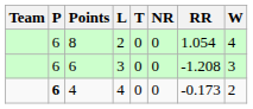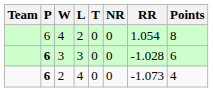 <table class="wikitable">
 <tr>
 <th>Team</th>
 <th>P</th>
-<th>Points</th>
+<th>W</th>
 <th>L</th>
 <th>T</th>
 <th>NR</th>
 <th>RR</th>
-<th>W</th>
+<th>Points</th>
 </tr>
 <tr style="background:#cfc;">
 <td align=left></td>
 <td>6</td>
-<td>8</td>
+<td>4</td>
 <td>2</td>
 <td>0</td>
 <td>0</td>
 <td>1.054</td>
-<td>4</td>
+<td>8</td>
 </tr>
 <tr style="background:#cfc;">
 <td align=left></td>
-<td>6</td>
-<td>6</td>
+<td><strong>6</strong></td>
+<td>3</td>
 <td>3</td>
 <td>0</td>
 <td>0</td>
-<td>-1.208</td>
-<td>3</td>
+<td>-1.028</td>
+<td>6</td>
 </tr>
 <tr>
 <td align=left></td>
 <td><strong>6</strong></td>
-<td>4</td>
+<td>2</td>
 <td>4</td>
 <td>0</td>
 <td>0</td>
-<td>-0.173</td>
-<td>2</td>
+<td>-1.073</td>
+<td>4</td>
 </tr>
 </table>
